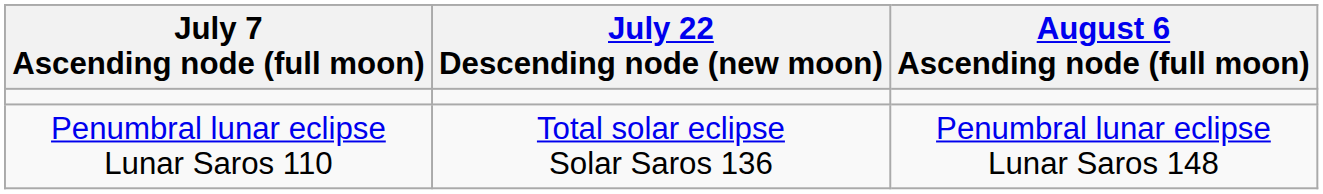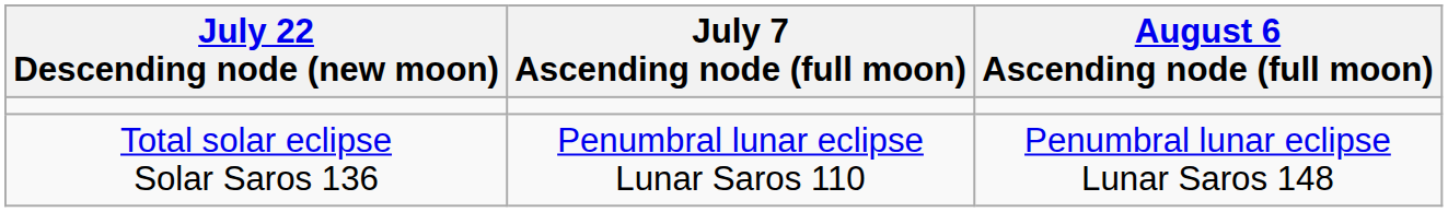 <table class="wikitable">
 <tr>
+<th><a href='#'>July 22</a><br>Descending node (new moon)<br></th>
 <th>July 7<br>Ascending node (full moon)<br></th>
-<th><a href='#'>July 22</a><br>Descending node (new moon)<br></th>
 <th><a href='#'>August 6</a><br>Ascending node (full moon)<br></th>
 </tr>
 <tr>
 <td></td>
 <td></td>
 <td></td>
 </tr>
 <tr align=center>
+<td><a href='#'>Total solar eclipse</a><br>Solar Saros 136</td>
 <td><a href='#'>Penumbral lunar eclipse</a><br>Lunar Saros 110</td>
-<td><a href='#'>Total solar eclipse</a><br>Solar Saros 136</td>
 <td><a href='#'>Penumbral lunar eclipse</a><br>Lunar Saros 148</td>
 </tr>
 </table>
